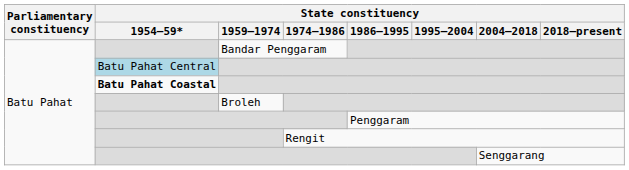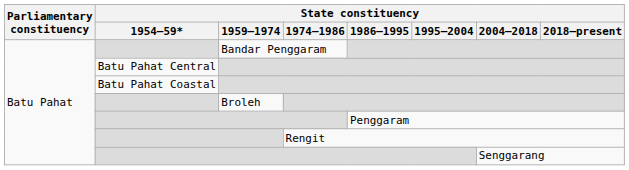 <table class="wikitable">
 <tr>
 <th rowspan="2">Parliamentary<br>constituency</th>
 <th colspan="7">State constituency</th>
 </tr>
 <tr>
 <th>1954–59*</th>
 <th>1959–1974</th>
 <th>1974–1986</th>
 <th>1986–1995</th>
 <th>1995–2004</th>
 <th>2004–2018</th>
 <th>2018–present</th>
 </tr>
 <tr>
 <td rowspan="7">Batu Pahat</td>
 <td bgcolor="dcdcdc"></td>
 <td colspan="2">Bandar Penggaram</td>
 <td colspan="4" bgcolor="dcdcdc"></td>
 </tr>
 <tr>
-<td style="background: lightblue;">Batu Pahat Central</td>
+<td>Batu Pahat Central</td>
 <td colspan="6" bgcolor="dcdcdc"></td>
 </tr>
 <tr>
-<td><strong>Batu Pahat Coastal</strong></td>
+<td>Batu Pahat Coastal</td>
 <td colspan="6" bgcolor="dcdcdc"></td>
 </tr>
 <tr>
 <td bgcolor="dcdcdc"></td>
 <td>Broleh</td>
 <td colspan="5" bgcolor="dcdcdc"></td>
 </tr>
 <tr>
 <td colspan="3" bgcolor="dcdcdc"></td>
 <td colspan="4">Penggaram</td>
 </tr>
 <tr>
 <td colspan="2" bgcolor="dcdcdc"></td>
 <td colspan="5">Rengit</td>
 </tr>
 <tr>
 <td colspan="5" bgcolor="dcdcdc"></td>
 <td colspan="2">Senggarang</td>
 </tr>
 </table>
